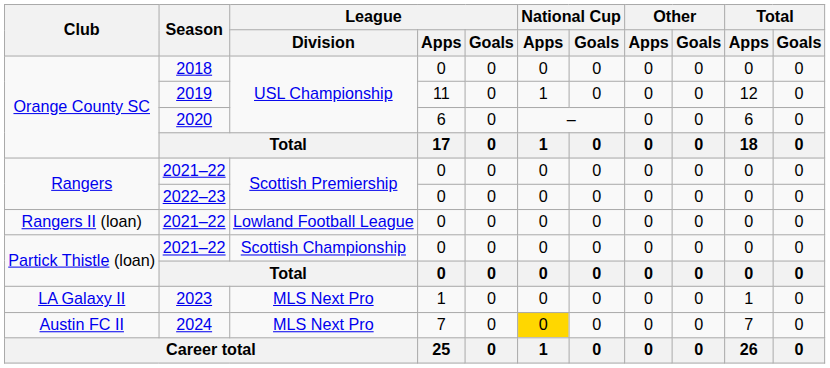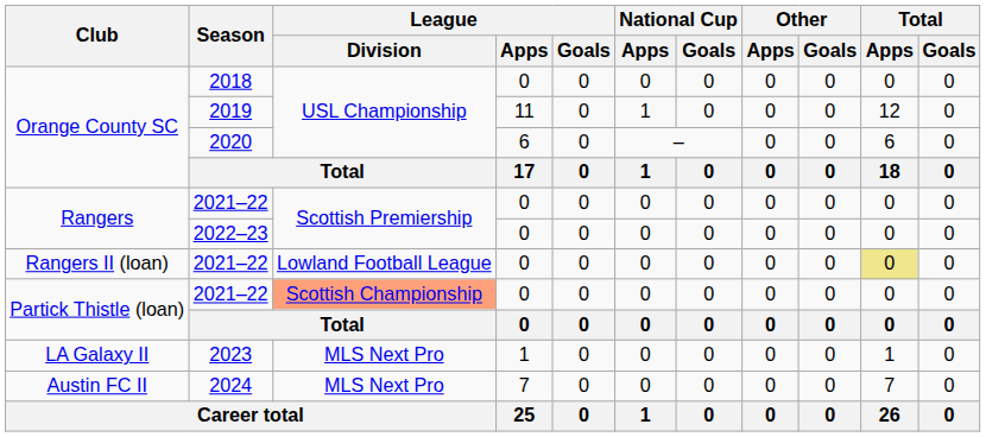 <table class="wikitable" style="text-align: center;">
 <tr>
 <th rowspan="2">Club</th>
 <th rowspan="2">Season</th>
 <th colspan="3">League</th>
 <th colspan="2">National Cup</th>
 <th colspan="2">Other</th>
 <th colspan="2">Total</th>
 </tr>
 <tr>
 <th>Division</th>
 <th>Apps</th>
 <th>Goals</th>
 <th>Apps</th>
 <th>Goals</th>
 <th>Apps</th>
 <th>Goals</th>
 <th>Apps</th>
 <th>Goals</th>
 </tr>
 <tr>
 <td rowspan="4"><a href='#'>Orange County SC</a></td>
 <td><a href='#'>2018</a></td>
 <td rowspan="3"><a href='#'>USL Championship</a></td>
 <td>0</td>
 <td>0</td>
 <td>0</td>
 <td>0</td>
 <td>0</td>
 <td>0</td>
 <td>0</td>
 <td>0</td>
 </tr>
 <tr>
 <td><a href='#'>2019</a></td>
 <td>11</td>
 <td>0</td>
 <td>1</td>
 <td>0</td>
 <td>0</td>
 <td>0</td>
 <td>12</td>
 <td>0</td>
 </tr>
 <tr>
 <td><a href='#'>2020</a></td>
 <td>6</td>
 <td>0</td>
 <td colspan="2">–</td>
 <td>0</td>
 <td>0</td>
 <td>6</td>
 <td>0</td>
 </tr>
 <tr>
 <th colspan="2">Total</th>
 <th>17</th>
 <th>0</th>
 <th>1</th>
 <th>0</th>
 <th>0</th>
 <th>0</th>
 <th>18</th>
 <th>0</th>
 </tr>
 <tr>
 <td rowspan=2><a href='#'>Rangers</a></td>
 <td><a href='#'>2021–22</a></td>
 <td rowspan=2><a href='#'>Scottish Premiership</a></td>
 <td>0</td>
 <td>0</td>
 <td>0</td>
 <td>0</td>
 <td>0</td>
 <td>0</td>
 <td>0</td>
 <td>0</td>
 </tr>
 <tr>
 <td><a href='#'>2022–23</a></td>
 <td>0</td>
 <td>0</td>
 <td>0</td>
 <td>0</td>
 <td>0</td>
 <td>0</td>
 <td>0</td>
 <td>0</td>
 </tr>
 <tr>
 <td><a href='#'>Rangers II</a> (loan)</td>
 <td><a href='#'>2021–22</a></td>
 <td><a href='#'>Lowland Football League</a></td>
 <td>0</td>
 <td>0</td>
 <td>0</td>
 <td>0</td>
 <td>0</td>
 <td>0</td>
-<td>0</td>
+<td style="background: khaki;">0</td>
 <td>0</td>
 </tr>
 <tr>
 <td rowspan=2><a href='#'>Partick Thistle</a> (loan)</td>
 <td><a href='#'>2021–22</a></td>
-<td><a href='#'>Scottish Championship</a></td>
+<td style="background: lightsalmon;"><a href='#'>Scottish Championship</a></td>
 <td>0</td>
 <td>0</td>
 <td>0</td>
 <td>0</td>
 <td>0</td>
 <td>0</td>
 <td>0</td>
 <td>0</td>
 </tr>
 <tr>
 <th colspan="2">Total</th>
 <th>0</th>
 <th>0</th>
 <th>0</th>
 <th>0</th>
 <th>0</th>
 <th>0</th>
 <th>0</th>
 <th>0</th>
 </tr>
 <tr>
 <td><a href='#'>LA Galaxy II</a></td>
 <td><a href='#'>2023</a></td>
 <td><a href='#'>MLS Next Pro</a></td>
 <td>1</td>
 <td>0</td>
 <td>0</td>
 <td>0</td>
 <td>0</td>
 <td>0</td>
 <td>1</td>
 <td>0</td>
 </tr>
 <tr>
 <td><a href='#'>Austin FC II</a></td>
 <td><a href='#'>2024</a></td>
 <td><a href='#'>MLS Next Pro</a></td>
 <td>7</td>
 <td>0</td>
-<td style="background: gold;">0</td>
+<td>0</td>
 <td>0</td>
 <td>0</td>
 <td>0</td>
 <td>7</td>
 <td>0</td>
 </tr>
 <tr>
 <th colspan="3">Career total</th>
 <th>25</th>
 <th>0</th>
 <th>1</th>
 <th>0</th>
 <th>0</th>
 <th>0</th>
 <th>26</th>
 <th>0</th>
 </tr>
 </table>
